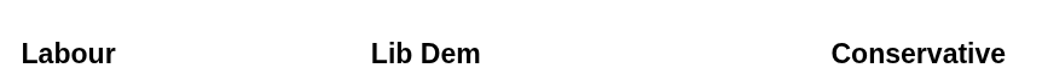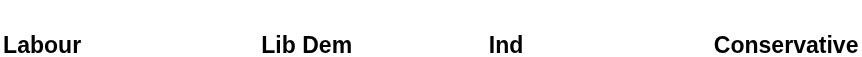 <table style="width:60%; text-align:center;">
 <tr style="color:white;">
 <td style="background:"><strong>11</strong></td>
 <td style="background:"><strong>2</strong></td>
+<td style="background:"><strong>9</strong></td>
 <td style="background:"><strong>29</strong></td>
 </tr>
 <tr>
 <td><span><strong>Labour</strong></span></td>
 <td><span><strong>Lib Dem</strong></span></td>
+<td><span><strong>Ind</strong></span></td>
 <td><span><strong>Conservative</strong></span></td>
 </tr>
 </table>
